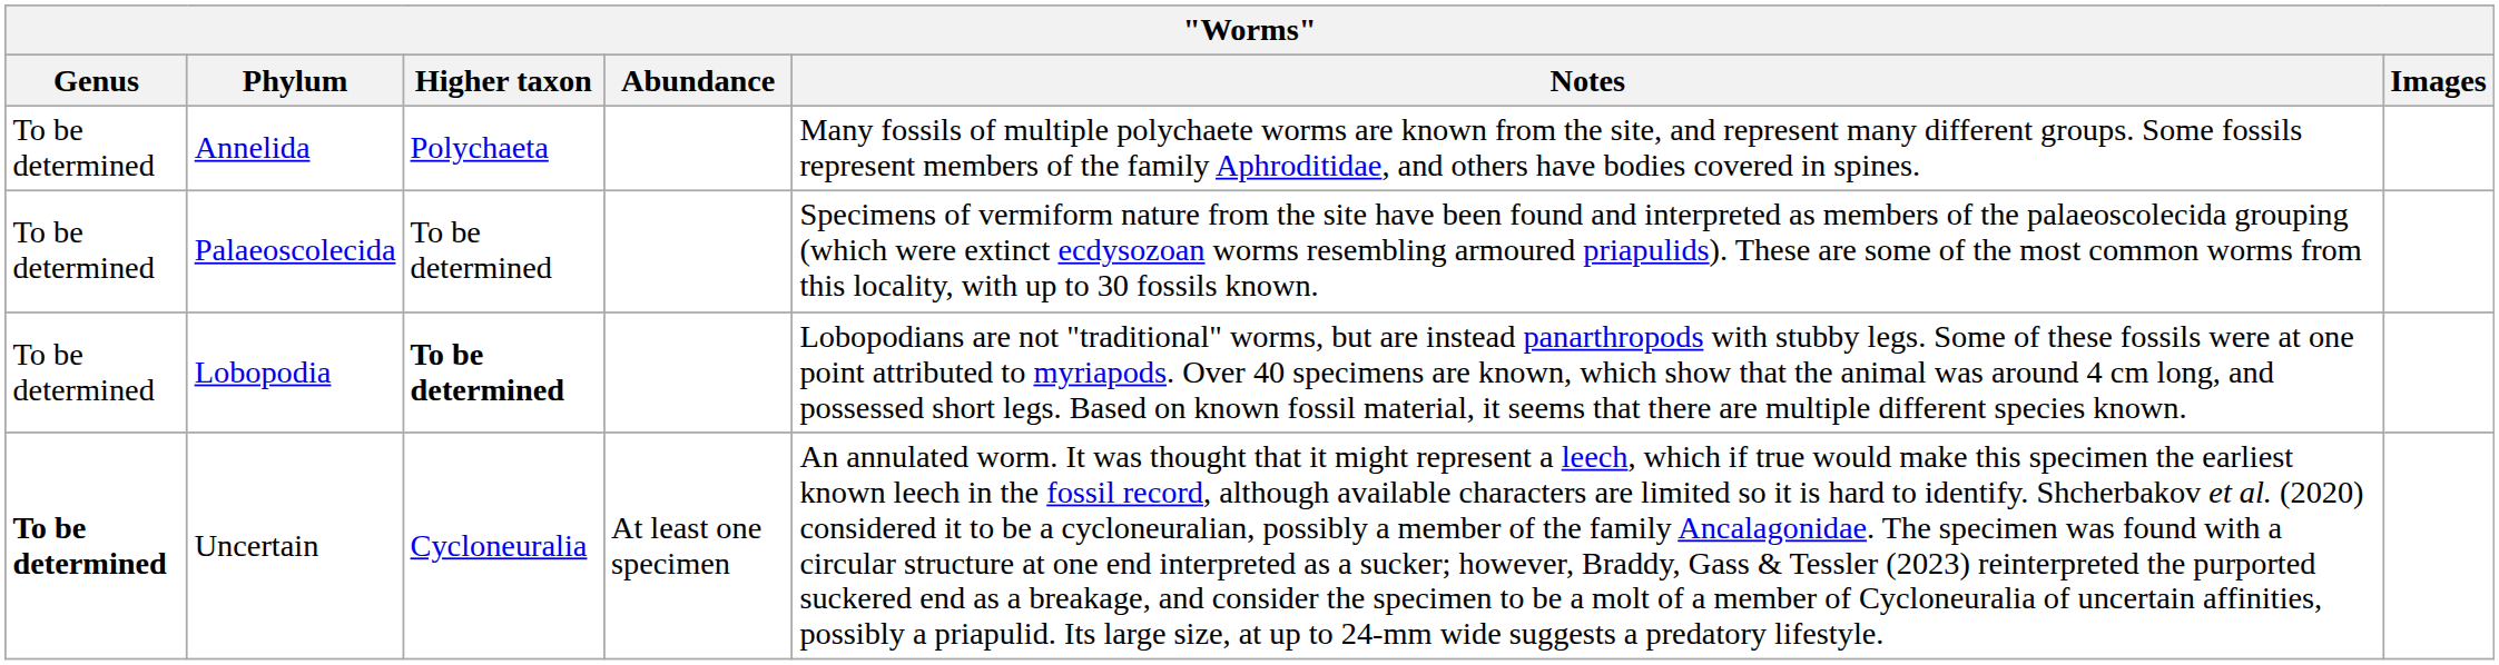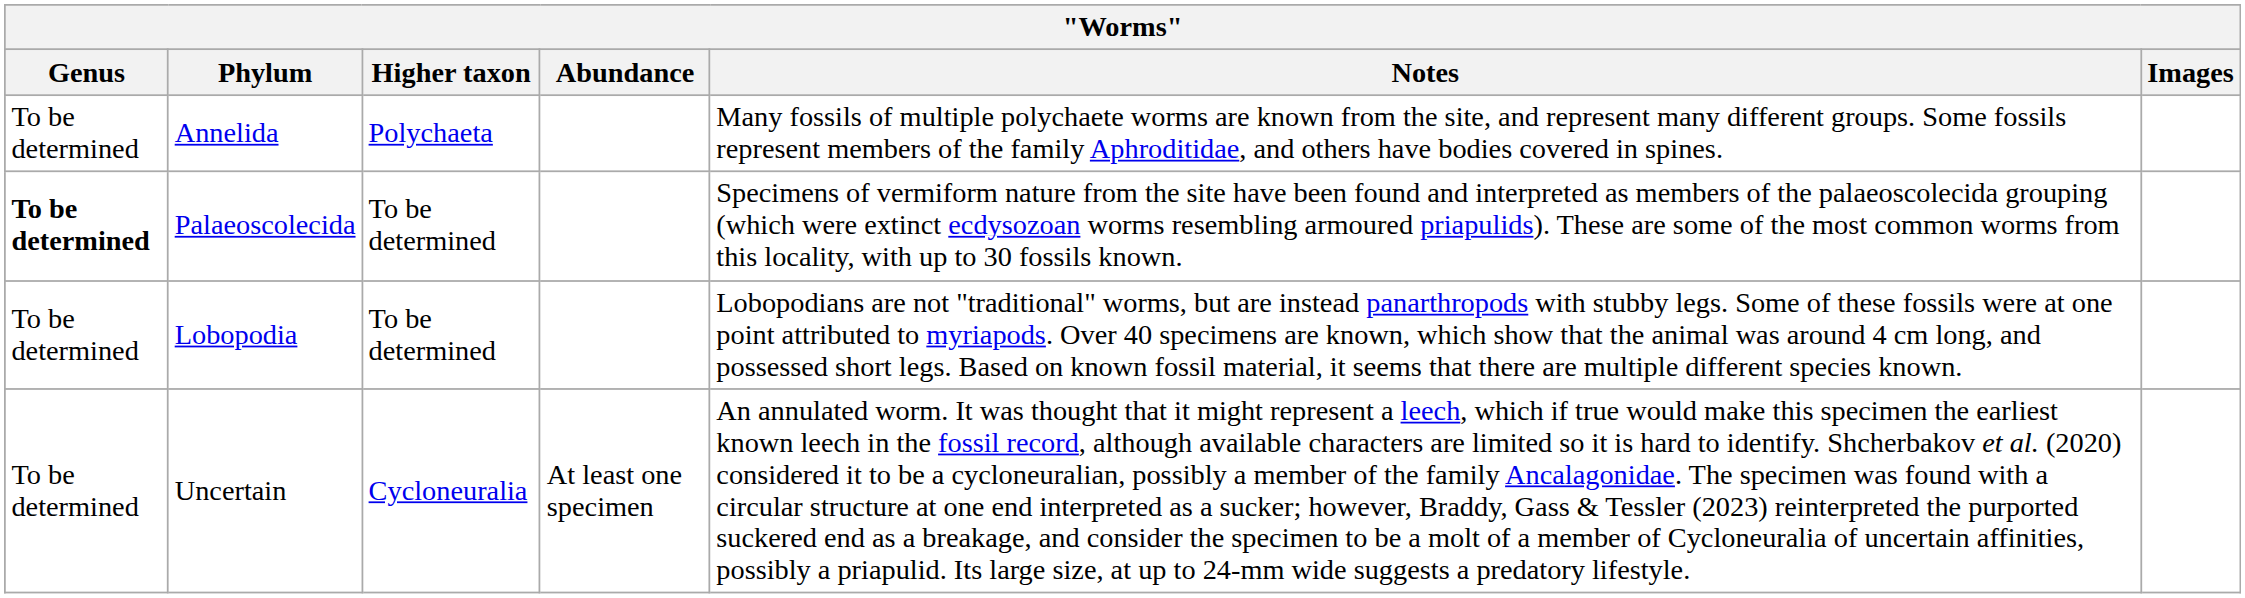 <table class="wikitable sortable" style="background:white; width:100%;">
 <tr>
 <th colspan="7" align="center">"Worms"</th>
 </tr>
 <tr>
 <th>Genus</th>
 <th>Phylum</th>
 <th>Higher taxon</th>
 <th>Abundance</th>
 <th>Notes</th>
 <th>Images</th>
 </tr>
 <tr>
 <td>To be determined</td>
 <td><a href='#'>Annelida</a></td>
 <td><a href='#'>Polychaeta</a></td>
 <td></td>
 <td>Many fossils of multiple polychaete worms are known from the site, and represent many different groups. Some fossils represent members of the family <a href='#'>Aphroditidae</a>, and others have bodies covered in spines.</td>
 <td></td>
 </tr>
 <tr>
-<td>To be determined</td>
+<td><strong>To be determined</strong></td>
 <td><a href='#'>Palaeoscolecida</a></td>
 <td>To be determined</td>
 <td></td>
 <td>Specimens of vermiform nature from the site have been found and interpreted as members of the palaeoscolecida grouping (which were extinct <a href='#'>ecdysozoan</a> worms resembling armoured <a href='#'>priapulids</a>). These are some of the most common worms from this locality, with up to 30 fossils known.</td>
 <td></td>
 </tr>
 <tr>
 <td>To be determined</td>
 <td><a href='#'>Lobopodia</a></td>
-<td><strong>To be determined</strong></td>
+<td>To be determined</td>
 <td></td>
 <td>Lobopodians are not "traditional" worms, but are instead <a href='#'>panarthropods</a> with stubby legs. Some of these fossils were at one point attributed to <a href='#'>myriapods</a>. Over 40 specimens are known, which show that the animal was around 4 cm long, and possessed short legs. Based on known fossil material, it seems that there are multiple different species known.</td>
 <td></td>
 </tr>
 <tr>
-<td><strong>To be determined</strong></td>
+<td>To be determined</td>
 <td>Uncertain</td>
 <td><a href='#'>Cycloneuralia</a></td>
 <td>At least one specimen</td>
 <td>An annulated worm. It was thought that it might represent a <a href='#'>leech</a>, which if true would make this specimen the earliest known leech in the <a href='#'>fossil record</a>, although available characters are limited so it is hard to identify. Shcherbakov <em>et al.</em> (2020) considered it to be a cycloneuralian, possibly a member of the family <a href='#'>Ancalagonidae</a>. The specimen was found with a circular structure at one end interpreted as a sucker; however, Braddy, Gass & Tessler (2023) reinterpreted the purported suckered end as a breakage, and consider the specimen to be a molt of a member of Cycloneuralia of uncertain affinities, possibly a priapulid. Its large size, at up to 24-mm wide suggests a predatory lifestyle.</td>
 <td></td>
 </tr>
 </table>
